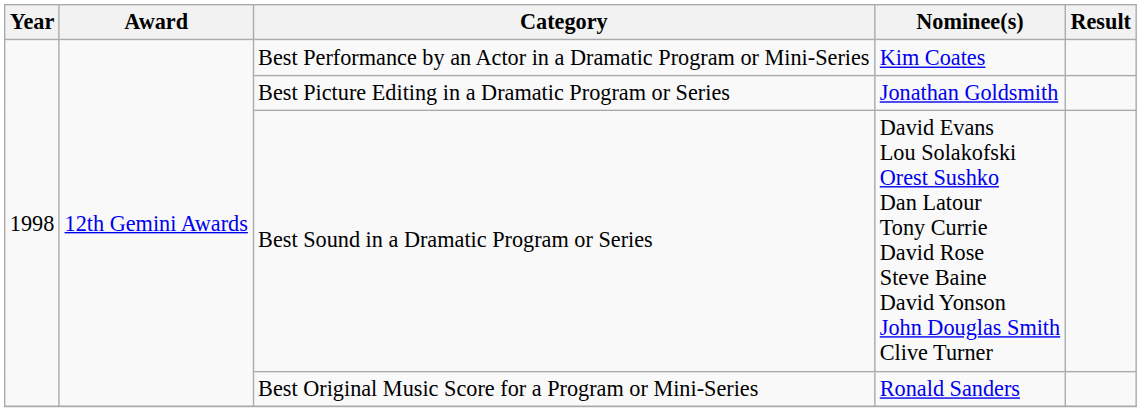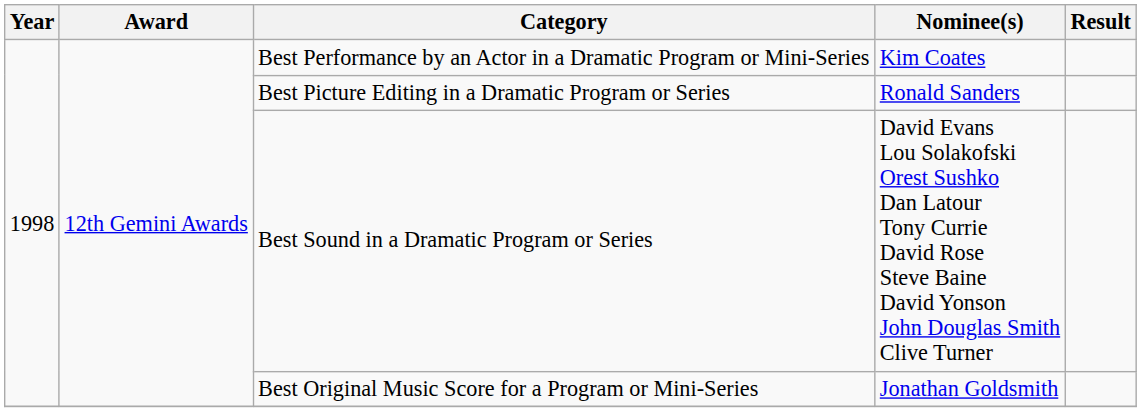 <table class="wikitable plainrowheaders">
 <tr>
 <th>Year</th>
 <th>Award</th>
 <th>Category</th>
 <th>Nominee(s)</th>
 <th>Result</th>
 </tr>
 <tr>
 <td rowspan="4">1998</td>
 <td rowspan="4"><a href='#'>12th Gemini Awards</a></td>
 <td>Best Performance by an Actor in a Dramatic Program or Mini-Series</td>
 <td><a href='#'>Kim Coates</a></td>
 <td></td>
 </tr>
 <tr>
 <td>Best Picture Editing in a Dramatic Program or Series</td>
-<td><a href='#'>Jonathan Goldsmith</a></td>
+<td><a href='#'>Ronald Sanders</a></td>
 <td></td>
 </tr>
 <tr>
 <td>Best Sound in a Dramatic Program or Series</td>
 <td>David Evans <br> Lou Solakofski <br> <a href='#'>Orest Sushko</a> <br> Dan Latour <br> Tony Currie <br> David Rose <br> Steve Baine <br> David Yonson <br> <a href='#'>John Douglas Smith</a> <br> Clive Turner</td>
 <td></td>
 </tr>
 <tr>
 <td>Best Original Music Score for a Program or Mini-Series</td>
-<td><a href='#'>Ronald Sanders</a></td>
+<td><a href='#'>Jonathan Goldsmith</a></td>
 <td></td>
 </tr>
 <tr>
 </tr>
 </table>
